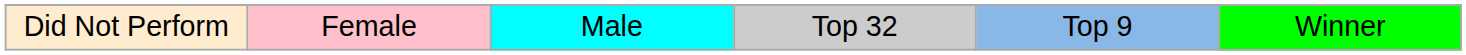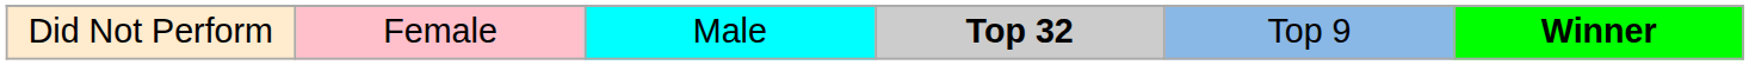 <table class="wikitable" style="margin:1em auto; text-align:center;">
 <tr>
 </tr>
 <tr>
 <td style="background:#ffebcd; width:15%;">Did Not Perform</td>
 <td style="background:pink; width:15%;">Female</td>
 <td style="background:cyan; width:15%;">Male</td>
-<td style="background:#ccc; width:15%;">Top 32</td>
+<td style="background:#ccc; width:15%;"><strong>Top 32</strong></td>
 <td style="background:#8ab8e6; width:15%;">Top 9</td>
-<td style="background:lime; width:15%;">Winner</td>
+<td style="background:lime; width:15%;"><strong>Winner</strong></td>
 </tr>
 </table>
